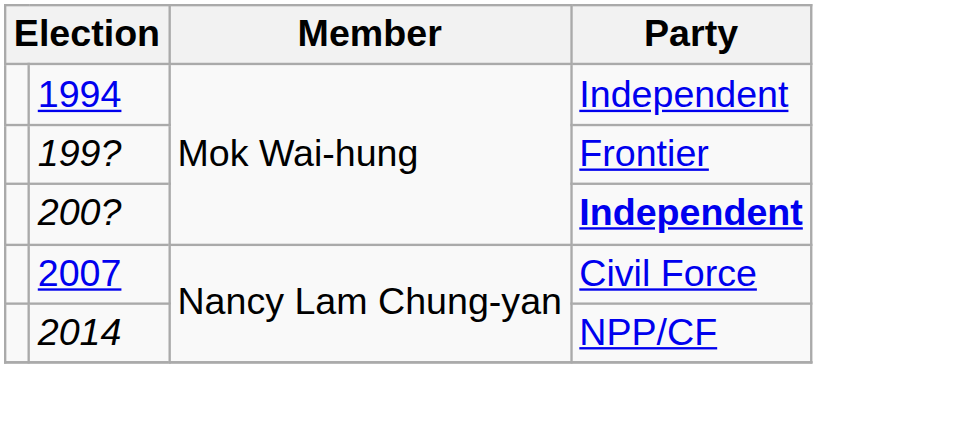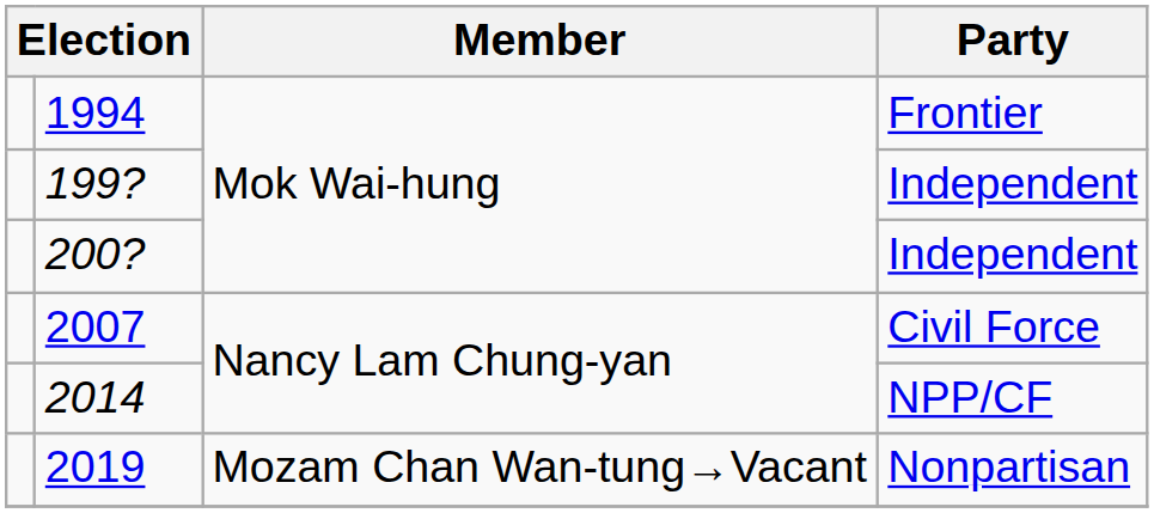 <table class="wikitable">
 <tr>
 <th colspan="2">Election</th>
 <th>Member</th>
 <th>Party</th>
 </tr>
 <tr>
 <td style="color:inherit;background:"></td>
 <td><a href='#'>1994</a></td>
 <td rowspan=3>Mok Wai-hung</td>
+<td><a href='#'>Frontier</a></td>
+</tr>
+<tr>
+<td style="color:inherit;background:"></td>
+<td><em>199?</em></td>
 <td><a href='#'>Independent</a></td>
 </tr>
 <tr>
 <td style="color:inherit;background:"></td>
-<td><em>199?</em></td>
-<td><a href='#'>Frontier</a></td>
-</tr>
-<tr>
-<td style="color:inherit;background:"></td>
 <td><em>200?</em></td>
-<td><strong><a href='#'>Independent</a></strong></td>
+<td><a href='#'>Independent</a></td>
 </tr>
 <tr>
 <td style="color:inherit;background:"></td>
 <td><a href='#'>2007</a></td>
 <td rowspan=2>Nancy Lam Chung-yan</td>
 <td><a href='#'>Civil Force</a></td>
 </tr>
 <tr>
 <td style="color:inherit;background:"></td>
 <td><em>2014</em></td>
 <td><a href='#'>NPP/CF</a></td>
 </tr>
 <tr>
+<td style="color:inherit;background:"></td>
+<td><a href='#'>2019</a></td>
+<td>Mozam Chan Wan-tung→Vacant</td>
+<td><a href='#'>Nonpartisan</a></td>
+</tr>
+<tr>
 </tr>
 </table>
